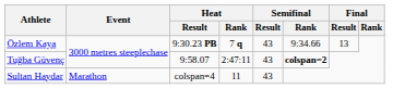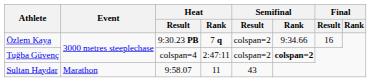 <table class="wikitable" style="font-size:90%">
 <tr>
 <th rowspan="2">Athlete</th>
 <th rowspan="2">Event</th>
 <th colspan="2">Heat</th>
 <th colspan="2">Semifinal</th>
 <th colspan="2">Final</th>
 </tr>
 <tr style="font-size:95%">
 <th>Result</th>
 <th>Rank</th>
 <th>Result</th>
 <th>Rank</th>
 <th>Result</th>
 <th>Rank</th>
 </tr>
 <tr style=text-align:center>
 <td style=text-align:left><a href='#'>Özlem Kaya</a></td>
 <td style=text-align:left rowspan=2><a href='#'>3000 metres steeplechase</a></td>
 <td>9:30.23 <strong>PB</strong></td>
 <td>7 <strong>q</strong></td>
-<td>43</td>
+<td>colspan=2 </td>
 <td>9:34.66</td>
-<td>13</td>
+<td>16</td>
 </tr>
 <tr style=text-align:center>
 <td style=text-align:left><a href='#'>Tuğba Güvenç</a></td>
-<td>9:58.07</td>
+<td>colspan=4 </td>
 <td>2:47:11</td>
-<td>43</td>
+<td>colspan=2 </td>
 <td><strong>colspan=2 </strong></td>
 </tr>
 <tr style=text-align:center>
 <td style=text-align:left><a href='#'>Sultan Haydar</a></td>
 <td style=text-align:left><a href='#'>Marathon</a></td>
-<td>colspan=4 </td>
+<td>9:58.07</td>
 <td>11</td>
 <td>43</td>
 </tr>
 </table>
